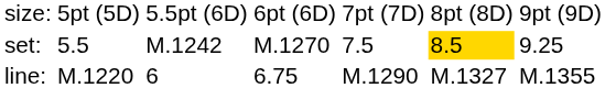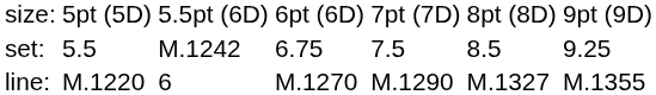 <table style="margin-left:40px;">
 <tr>
 <td>size:</td>
 <td>5pt (5D)</td>
 <td>5.5pt (6D)</td>
 <td>6pt (6D)</td>
 <td>7pt (7D)</td>
 <td>8pt (8D)</td>
 <td>9pt (9D)</td>
 </tr>
 <tr>
 <td>set:</td>
 <td>5.5</td>
 <td>M.1242</td>
-<td>M.1270</td>
+<td>6.75</td>
 <td>7.5</td>
-<td style="background: gold;">8.5</td>
+<td>8.5</td>
 <td>9.25</td>
 </tr>
 <tr>
 <td>line:</td>
 <td>M.1220</td>
 <td>6</td>
-<td>6.75</td>
+<td>M.1270</td>
 <td>M.1290</td>
 <td>M.1327</td>
 <td>M.1355</td>
 </tr>
 </table>
